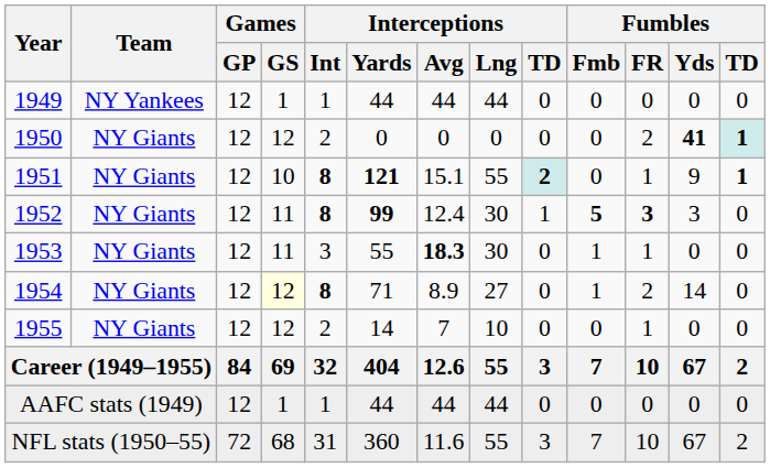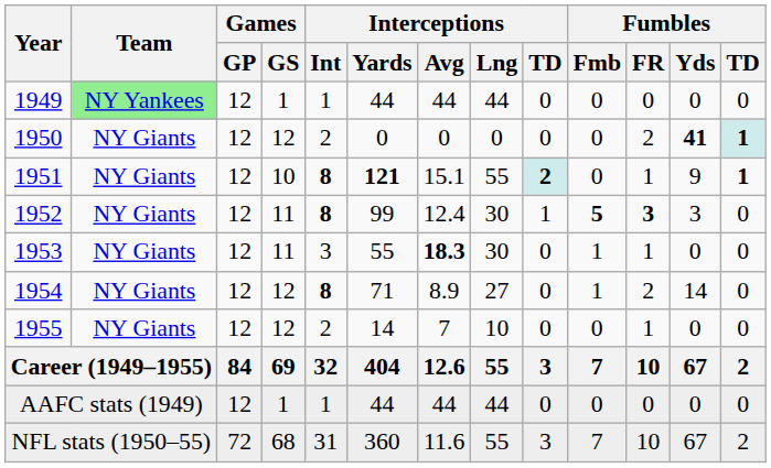 <table class="wikitable" style="text-align:center">
 <tr>
 <th rowspan="2">Year</th>
 <th rowspan="2">Team</th>
 <th colspan="2">Games</th>
 <th colspan="5">Interceptions</th>
 <th colspan="4">Fumbles</th>
 </tr>
 <tr>
 <th>GP</th>
 <th>GS</th>
 <th>Int</th>
 <th>Yards</th>
 <th>Avg</th>
 <th>Lng</th>
 <th>TD</th>
 <th>Fmb</th>
 <th>FR</th>
 <th>Yds</th>
 <th>TD</th>
 </tr>
 <tr>
 <td><a href='#'>1949</a></td>
-<td><a href='#'>NY Yankees</a></td>
+<td style="background: lightgreen;"><a href='#'>NY Yankees</a></td>
 <td>12</td>
 <td>1</td>
 <td>1</td>
 <td>44</td>
 <td>44</td>
 <td>44</td>
 <td>0</td>
 <td>0</td>
 <td>0</td>
 <td>0</td>
 <td>0</td>
 </tr>
 <tr>
 <td><a href='#'>1950</a></td>
 <td><a href='#'>NY Giants</a></td>
 <td>12</td>
 <td>12</td>
 <td>2</td>
 <td>0</td>
 <td>0</td>
 <td>0</td>
 <td>0</td>
 <td>0</td>
 <td>2</td>
 <td><strong>41 </strong></td>
 <td style="background:#cfecec;"><strong>1</strong></td>
 </tr>
 <tr>
 <td><a href='#'>1951</a></td>
 <td><a href='#'>NY Giants</a></td>
 <td>12</td>
 <td>10</td>
 <td><strong>8 </strong></td>
 <td><strong>121</strong></td>
 <td>15.1</td>
 <td>55</td>
 <td style="background:#cfecec;"><strong> 2</strong></td>
 <td>0</td>
 <td>1</td>
 <td>9</td>
 <td><strong>1</strong></td>
 </tr>
 <tr>
 <td><a href='#'>1952</a></td>
 <td><a href='#'>NY Giants</a></td>
 <td>12</td>
 <td>11</td>
 <td><strong>8 </strong></td>
-<td><strong>99</strong></td>
+<td>99</td>
 <td>12.4</td>
 <td>30</td>
 <td>1</td>
 <td><strong>5</strong></td>
 <td><strong>3</strong></td>
 <td>3</td>
 <td>0</td>
 </tr>
 <tr>
 <td><a href='#'>1953</a></td>
 <td><a href='#'>NY Giants</a></td>
 <td>12</td>
 <td>11</td>
 <td>3</td>
 <td>55</td>
 <td><strong>18.3</strong></td>
 <td>30</td>
 <td>0</td>
 <td>1</td>
 <td>1</td>
 <td>0</td>
 <td>0</td>
 </tr>
 <tr>
 <td><a href='#'>1954</a></td>
 <td><a href='#'>NY Giants</a></td>
 <td>12</td>
-<td style="background: lightyellow;">12</td>
+<td>12</td>
 <td><strong>8 </strong></td>
 <td>71</td>
 <td>8.9</td>
 <td>27</td>
 <td>0</td>
 <td>1</td>
 <td>2</td>
 <td>14</td>
 <td>0</td>
 </tr>
 <tr>
 <td><a href='#'>1955</a></td>
 <td><a href='#'>NY Giants</a></td>
 <td>12</td>
 <td>12</td>
 <td>2</td>
 <td>14</td>
 <td>7</td>
 <td>10</td>
 <td>0</td>
 <td>0</td>
 <td>1</td>
 <td>0</td>
 <td>0</td>
 </tr>
 <tr>
 <th colspan="2">Career (1949–1955)</th>
 <th>84</th>
 <th>69</th>
 <th>32</th>
 <th>404</th>
 <th>12.6</th>
 <th>55</th>
 <th>3</th>
 <th>7</th>
 <th>10</th>
 <th>67</th>
 <th>2</th>
 </tr>
 <tr class="sortbottom" style="background:#EEEEEE;">
 <td style="text-align:center;" colspan="2">AAFC stats (1949)</td>
 <td>12</td>
 <td>1</td>
 <td>1</td>
 <td>44</td>
 <td>44</td>
 <td>44</td>
 <td>0</td>
 <td>0</td>
 <td>0</td>
 <td>0</td>
 <td>0</td>
 </tr>
 <tr class="sortbottom" style="background:#EEEEEE;">
 <td style="text-align:center;" colspan="2">NFL stats (1950–55)</td>
 <td>72</td>
 <td>68</td>
 <td>31</td>
 <td>360</td>
 <td>11.6</td>
 <td>55</td>
 <td>3</td>
 <td>7</td>
 <td>10</td>
 <td>67</td>
 <td>2</td>
 </tr>
 </table>
